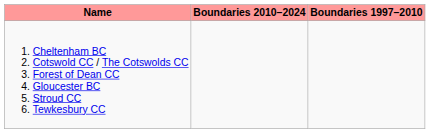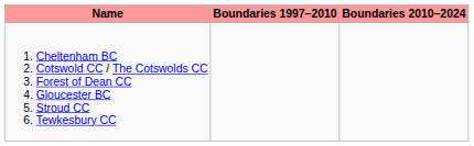 <table class="wikitable">
 <tr>
 <th style="background-color:#ff9999">Name</th>
+<th style="background-color:#ff9999">Boundaries 1997–2010</th>
 <th style="background-color:#ff9999">Boundaries 2010–2024</th>
-<th style="background-color:#ff9999">Boundaries 1997–2010</th>
 </tr>
 <tr>
 <td><br><ol><li><a href='#'>Cheltenham BC</a></li><li><a href='#'>Cotswold CC</a> / <a href='#'>The Cotswolds CC</a></li><li><a href='#'>Forest of Dean CC</a></li><li><a href='#'>Gloucester BC</a></li><li><a href='#'>Stroud CC</a></li><li><a href='#'>Tewkesbury CC</a></li></ol></td>
 <td></td>
 <td></td>
 </tr>
 </table>
